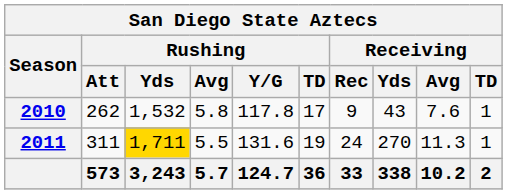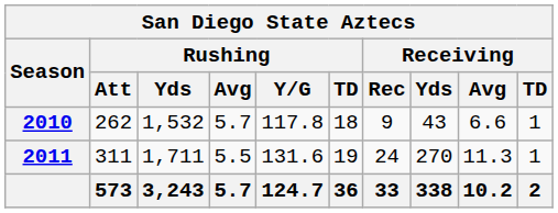 <table class="wikitable" style="text-align:center;">
 <tr>
 <th colspan="13">San Diego State Aztecs</th>
 </tr>
 <tr>
 <th rowspan="2">Season</th>
 <th colspan="5">Rushing</th>
 <th colspan="4">Receiving</th>
 </tr>
 <tr>
 <th>Att</th>
 <th>Yds</th>
 <th>Avg</th>
 <th>Y/G</th>
 <th>TD</th>
 <th>Rec</th>
 <th>Yds</th>
 <th>Avg</th>
 <th>TD</th>
 </tr>
 <tr>
 <th><a href='#'>2010</a></th>
 <td>262</td>
 <td>1,532</td>
-<td>5.8</td>
+<td>5.7</td>
 <td>117.8</td>
-<td>17</td>
+<td>18</td>
 <td>9</td>
 <td>43</td>
-<td>7.6</td>
+<td>6.6</td>
 <td>1</td>
 </tr>
 <tr>
 <th><a href='#'>2011</a></th>
 <td>311</td>
-<td style="background: gold;">1,711</td>
+<td>1,711</td>
 <td>5.5</td>
 <td>131.6</td>
 <td>19</td>
 <td>24</td>
 <td>270</td>
 <td>11.3</td>
 <td>1</td>
 </tr>
 <tr>
 <th></th>
 <th>573</th>
 <th>3,243</th>
 <th>5.7</th>
 <th>124.7</th>
 <th>36</th>
 <th>33</th>
 <th>338</th>
 <th>10.2</th>
 <th>2</th>
 </tr>
 </table>
